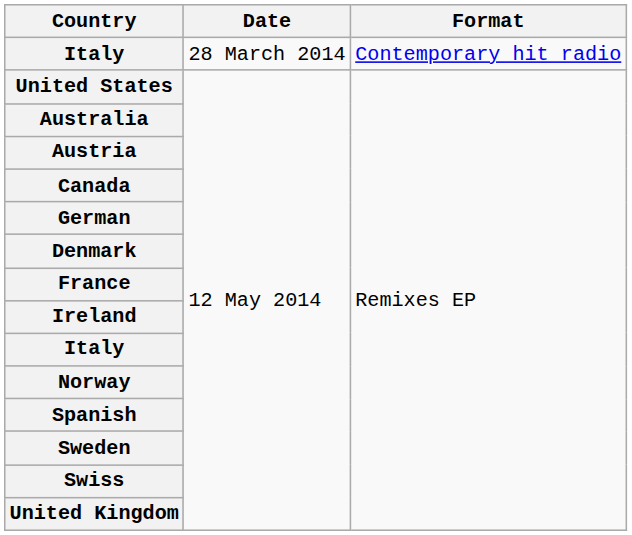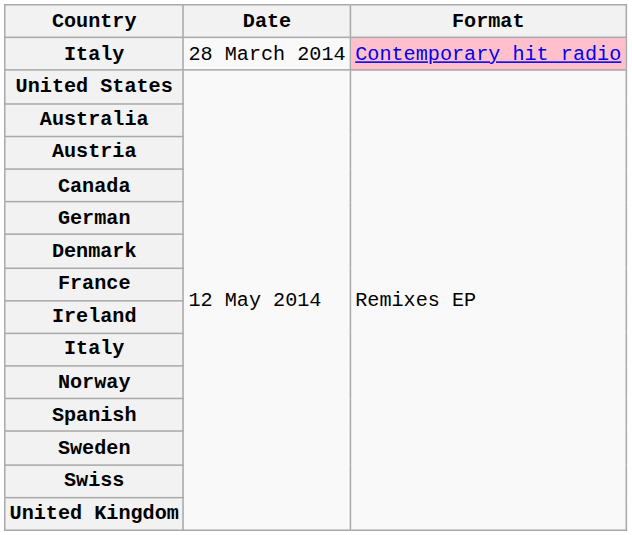 <table class="wikitable plainrowheaders">
 <tr>
 <th scope="col">Country</th>
 <th scope="col">Date</th>
 <th scope="col">Format</th>
 </tr>
 <tr>
 <th scope="row">Italy</th>
 <td>28 March 2014</td>
-<td><a href='#'>Contemporary hit radio</a></td>
+<td style="background: pink;"><a href='#'>Contemporary hit radio</a></td>
 </tr>
 <tr>
 <th scope="row">United States</th>
 <td rowspan="14">12 May 2014</td>
 <td rowspan="14">Remixes EP</td>
 </tr>
 <tr>
 <th scope="row">Australia</th>
 </tr>
 <tr>
 <th scope="row">Austria</th>
 </tr>
 <tr>
 <th scope="row">Canada</th>
 </tr>
 <tr>
 <th scope="row">German</th>
 </tr>
 <tr>
 <th scope="row">Denmark</th>
 </tr>
 <tr>
 <th scope="row">France</th>
 </tr>
 <tr>
 <th scope="row">Ireland</th>
 </tr>
 <tr>
 <th scope="row">Italy</th>
 </tr>
 <tr>
 <th scope="row">Norway</th>
 </tr>
 <tr>
 <th scope="row">Spanish</th>
 </tr>
 <tr>
 <th scope="row">Sweden</th>
 </tr>
 <tr>
 <th scope="row">Swiss</th>
 </tr>
 <tr>
 <th scope="row">United Kingdom</th>
 </tr>
 </table>
